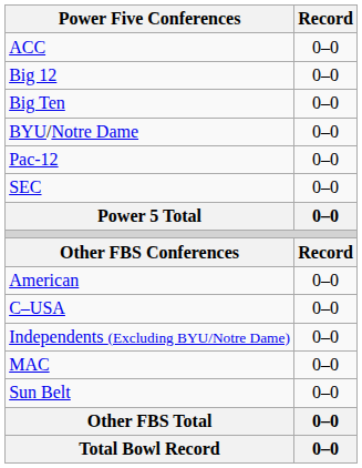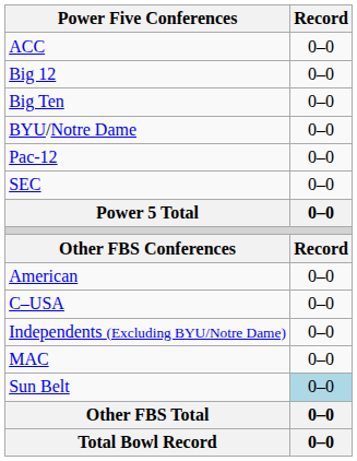 <table class="wikitable">
 <tr>
 <th>Power Five Conferences</th>
 <th>Record</th>
 </tr>
 <tr>
 <td><a href='#'>ACC</a></td>
 <td align=center>0–0</td>
 </tr>
 <tr>
 <td><a href='#'>Big 12</a></td>
 <td align=center>0–0</td>
 </tr>
 <tr>
 <td><a href='#'>Big Ten</a></td>
 <td align=center>0–0</td>
 </tr>
 <tr>
 <td><a href='#'>BYU</a>/<a href='#'>Notre Dame</a></td>
 <td align=center>0–0</td>
 </tr>
 <tr>
 <td><a href='#'>Pac-12</a></td>
 <td align=center>0–0</td>
 </tr>
 <tr>
 <td><a href='#'>SEC</a></td>
 <td align=center>0–0</td>
 </tr>
 <tr>
 <th>Power 5 Total</th>
 <th>0–0</th>
 </tr>
 <tr>
 <th colspan="2" style="background:lightgrey;"></th>
 </tr>
 <tr>
 <th>Other FBS Conferences</th>
 <th>Record</th>
 </tr>
 <tr>
 <td><a href='#'>American</a></td>
 <td align=center>0–0</td>
 </tr>
 <tr>
 <td><a href='#'>C–USA</a></td>
 <td align=center>0–0</td>
 </tr>
 <tr>
 <td><a href='#'>Independents <small>(Excluding BYU/Notre Dame)</small></a></td>
 <td align=center>0–0</td>
 </tr>
 <tr>
 <td><a href='#'>MAC</a></td>
 <td align=center>0–0</td>
 </tr>
 <tr>
 <td><a href='#'>Sun Belt</a></td>
-<td align=center>0–0</td>
+<td align=center style="background: lightblue;">0–0</td>
 </tr>
 <tr>
 <th>Other FBS Total</th>
 <th>0–0</th>
 </tr>
 <tr>
 <th>Total Bowl Record</th>
 <th>0–0</th>
 </tr>
 </table>
